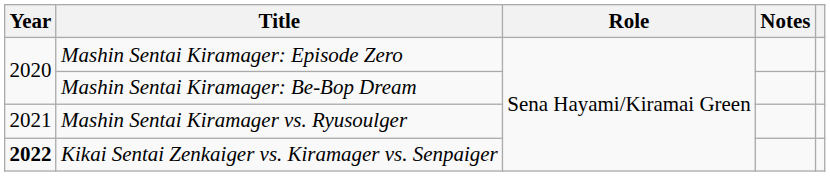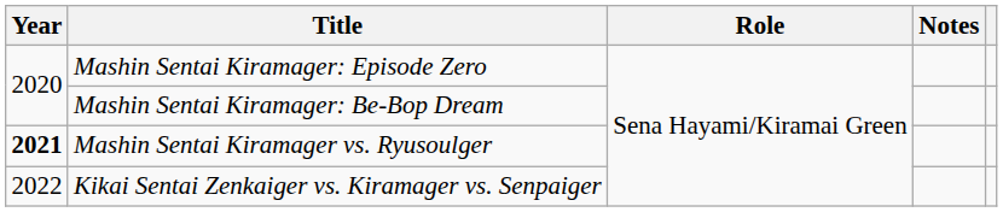 <table class="wikitable">
 <tr>
 <th>Year</th>
 <th>Title</th>
 <th>Role</th>
 <th>Notes</th>
 <th></th>
 </tr>
 <tr>
 <td rowspan="2">2020</td>
 <td><em>Mashin Sentai Kiramager: Episode Zero</em></td>
 <td rowspan="4">Sena Hayami/Kiramai Green</td>
 <td></td>
 <td></td>
 </tr>
 <tr>
 <td><em>Mashin Sentai Kiramager: Be-Bop Dream</em></td>
 <td></td>
 <td></td>
 </tr>
 <tr>
-<td>2021</td>
+<td><strong>2021</strong></td>
 <td><em>Mashin Sentai Kiramager vs. Ryusoulger</em></td>
 <td></td>
 <td></td>
 </tr>
 <tr>
-<td><strong>2022</strong></td>
+<td>2022</td>
 <td><em>Kikai Sentai Zenkaiger vs. Kiramager vs. Senpaiger</em></td>
 <td></td>
 <td></td>
 </tr>
 </table>
